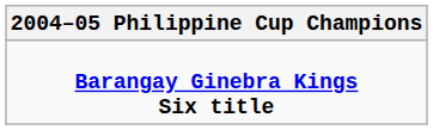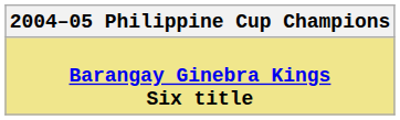 <table class=wikitable style="text-align:center; margin:auto">
 <tr>
 <th>2004–05 Philippine Cup Champions</th>
 </tr>
 <tr>
-<td><br> <strong><a href='#'>Barangay Ginebra Kings</a></strong> <br> <strong>Six title</strong></td>
+<td style="background: khaki;"><br> <strong><a href='#'>Barangay Ginebra Kings</a></strong> <br> <strong>Six title</strong></td>
 </tr>
 </table>
